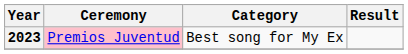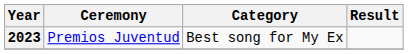 <table class="wikitable plainrowheaders">
 <tr>
 <th scope="col">Year</th>
 <th scope="col">Ceremony</th>
 <th scope="col">Category</th>
 <th scope="col">Result</th>
 </tr>
 <tr>
 <th scope="row" rowspan="1">2023</th>
-<td style="background: pink;"><a href='#'>Premios Juventud</a></td>
+<td><a href='#'>Premios Juventud</a></td>
 <td>Best song for My Ex</td>
 <td></td>
 </tr>
 <tr>
 </tr>
 </table>
